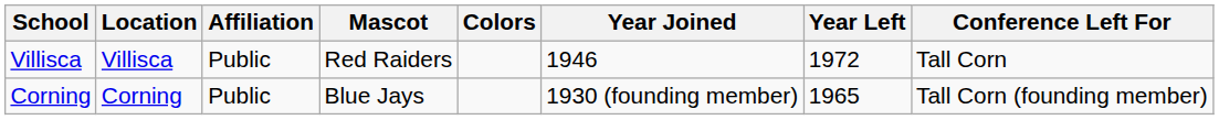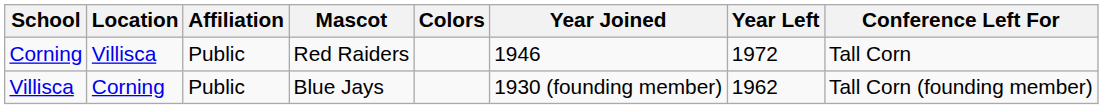 <table class="wikitable" border="1">
 <tr>
 <th>School</th>
 <th>Location</th>
 <th>Affiliation</th>
 <th>Mascot</th>
 <th>Colors</th>
 <th>Year Joined</th>
 <th>Year Left</th>
 <th>Conference Left For</th>
 </tr>
 <tr>
-<td><a href='#'>Villisca</a></td>
+<td><a href='#'>Corning</a></td>
 <td><a href='#'>Villisca</a></td>
 <td>Public</td>
 <td>Red Raiders</td>
 <td> </td>
 <td>1946</td>
 <td>1972</td>
 <td>Tall Corn</td>
 </tr>
 <tr>
-<td><a href='#'>Corning</a></td>
+<td><a href='#'>Villisca</a></td>
 <td><a href='#'>Corning</a></td>
 <td>Public</td>
 <td>Blue Jays</td>
 <td> </td>
 <td>1930 (founding member)</td>
-<td>1965</td>
+<td>1962</td>
 <td>Tall Corn (founding member)</td>
 </tr>
 </table>
